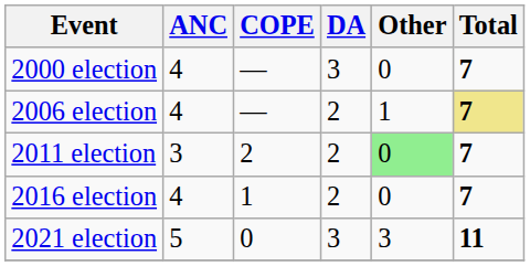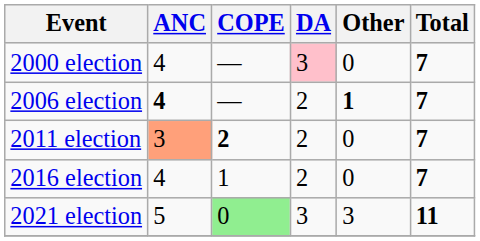 <table class="wikitable">
 <tr>
 <th>Event</th>
 <th><a href='#'>ANC</a></th>
 <th><a href='#'>COPE</a></th>
 <th><a href='#'>DA</a></th>
 <th>Other</th>
 <th>Total</th>
 </tr>
 <tr>
 <td><a href='#'>2000 election</a></td>
 <td>4</td>
 <td>—</td>
-<td>3</td>
+<td style="background: pink;">3</td>
 <td>0</td>
 <td><strong>7</strong></td>
 </tr>
 <tr>
 <td><a href='#'>2006 election</a></td>
-<td>4</td>
+<td><strong>4</strong></td>
 <td>—</td>
 <td>2</td>
-<td>1</td>
-<td style="background: khaki;"><strong>7</strong></td>
+<td><strong>1</strong></td>
+<td><strong>7</strong></td>
 </tr>
 <tr>
 <td><a href='#'>2011 election</a></td>
-<td>3</td>
+<td style="background: lightsalmon;">3</td>
+<td><strong>2</strong></td>
 <td>2</td>
-<td>2</td>
-<td style="background: lightgreen;">0</td>
+<td>0</td>
 <td><strong>7</strong></td>
 </tr>
 <tr>
 <td><a href='#'>2016 election</a></td>
 <td>4</td>
 <td>1</td>
 <td>2</td>
 <td>0</td>
 <td><strong>7</strong></td>
 </tr>
 <tr>
 <td><a href='#'>2021 election</a></td>
 <td>5</td>
-<td>0</td>
+<td style="background: lightgreen;">0</td>
 <td>3</td>
 <td>3</td>
 <td><strong>11</strong></td>
 </tr>
 <tr>
 </tr>
 </table>
